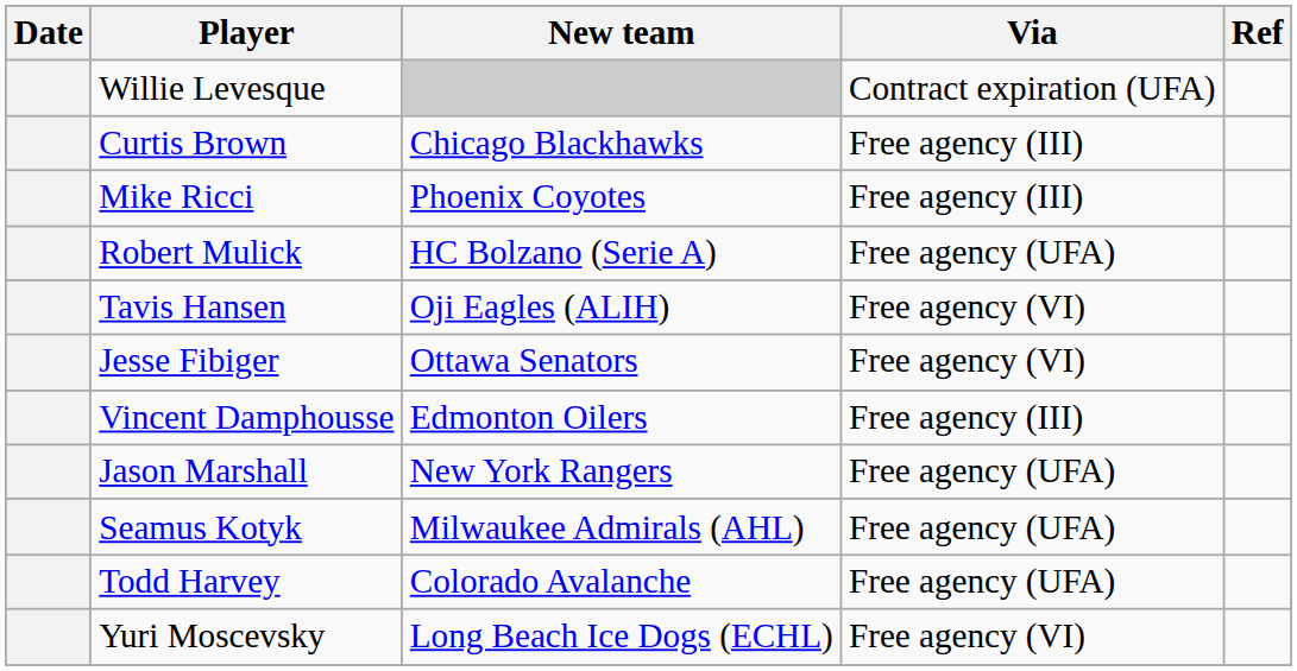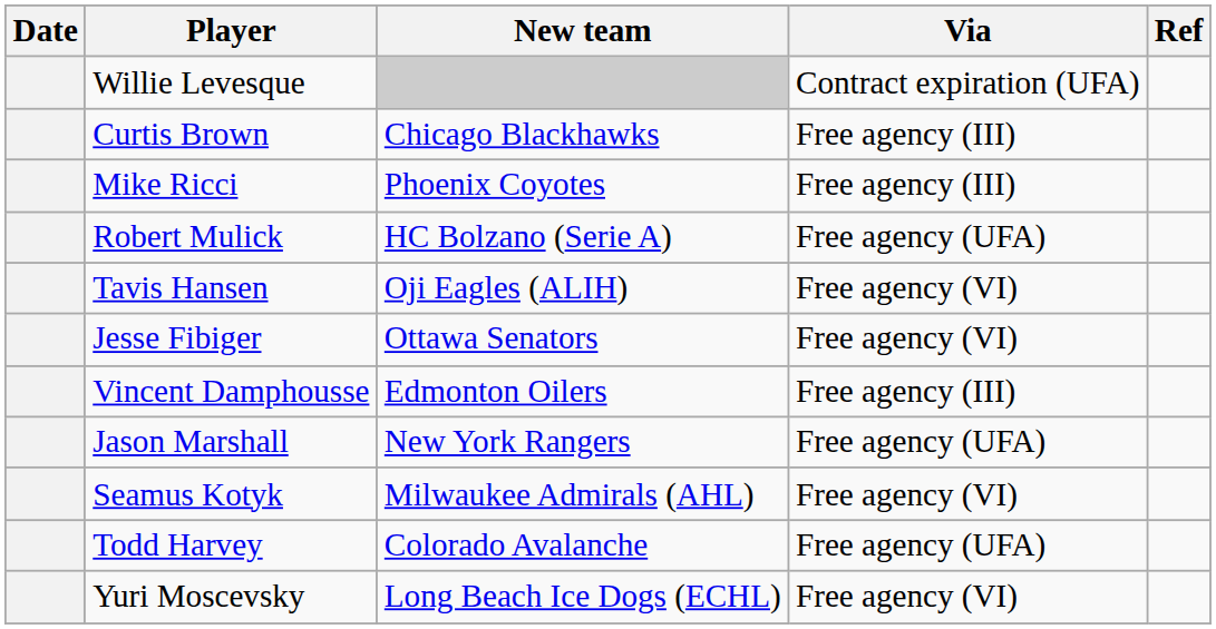 <table class="wikitable plainrowheaders">
 <tr style="background:#ddd; text-align:center;">
 <th>Date</th>
 <th>Player</th>
 <th>New team</th>
 <th>Via</th>
 <th>Ref</th>
 </tr>
 <tr>
 <th scope="row"></th>
 <td>Willie Levesque</td>
 <td style="background:#ccc"></td>
 <td>Contract expiration (UFA)</td>
 <td></td>
 </tr>
 <tr>
 <th scope="row"></th>
 <td><a href='#'>Curtis Brown</a></td>
 <td><a href='#'>Chicago Blackhawks</a></td>
 <td>Free agency (III)</td>
 <td></td>
 </tr>
 <tr>
 <th scope="row"></th>
 <td><a href='#'>Mike Ricci</a></td>
 <td><a href='#'>Phoenix Coyotes</a></td>
 <td>Free agency (III)</td>
 <td></td>
 </tr>
 <tr>
 <th scope="row"></th>
 <td><a href='#'>Robert Mulick</a></td>
 <td><a href='#'>HC Bolzano</a> (<a href='#'>Serie A</a>)</td>
 <td>Free agency (UFA)</td>
 <td></td>
 </tr>
 <tr>
 <th scope="row"></th>
 <td><a href='#'>Tavis Hansen</a></td>
 <td><a href='#'>Oji Eagles</a> (<a href='#'>ALIH</a>)</td>
 <td>Free agency (VI)</td>
 <td></td>
 </tr>
 <tr>
 <th scope="row"></th>
 <td><a href='#'>Jesse Fibiger</a></td>
 <td><a href='#'>Ottawa Senators</a></td>
 <td>Free agency (VI)</td>
 <td></td>
 </tr>
 <tr>
 <th scope="row"></th>
 <td><a href='#'>Vincent Damphousse</a></td>
 <td><a href='#'>Edmonton Oilers</a></td>
 <td>Free agency (III)</td>
 <td></td>
 </tr>
 <tr>
 <th scope="row"></th>
 <td><a href='#'>Jason Marshall</a></td>
 <td><a href='#'>New York Rangers</a></td>
 <td>Free agency (UFA)</td>
 <td></td>
 </tr>
 <tr>
 <th scope="row"></th>
 <td><a href='#'>Seamus Kotyk</a></td>
 <td><a href='#'>Milwaukee Admirals</a> (<a href='#'>AHL</a>)</td>
-<td>Free agency (UFA)</td>
+<td>Free agency (VI)</td>
 <td></td>
 </tr>
 <tr>
 <th scope="row"></th>
 <td><a href='#'>Todd Harvey</a></td>
 <td><a href='#'>Colorado Avalanche</a></td>
 <td>Free agency (UFA)</td>
 <td></td>
 </tr>
 <tr>
 <th scope="row"></th>
 <td>Yuri Moscevsky</td>
 <td><a href='#'>Long Beach Ice Dogs</a> (<a href='#'>ECHL</a>)</td>
 <td>Free agency (VI)</td>
 <td></td>
 </tr>
 </table>
